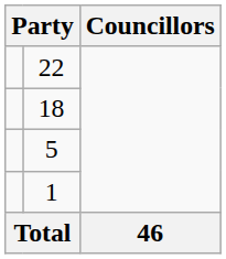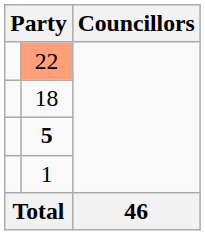 <table class="wikitable">
 <tr>
 <th colspan=2>Party</th>
 <th>Councillors</th>
 </tr>
 <tr>
 <td></td>
-<td align=center>22</td>
+<td align=center style="background: lightsalmon;">22</td>
 </tr>
 <tr>
 <td></td>
 <td align=center>18</td>
 </tr>
 <tr>
 <td></td>
-<td align=center>5</td>
+<td align=center><strong>5</strong></td>
 </tr>
 <tr>
 <td></td>
 <td align=center>1</td>
 </tr>
 <tr>
 <th colspan=2>Total</th>
 <th align=center>46</th>
 </tr>
 </table>
